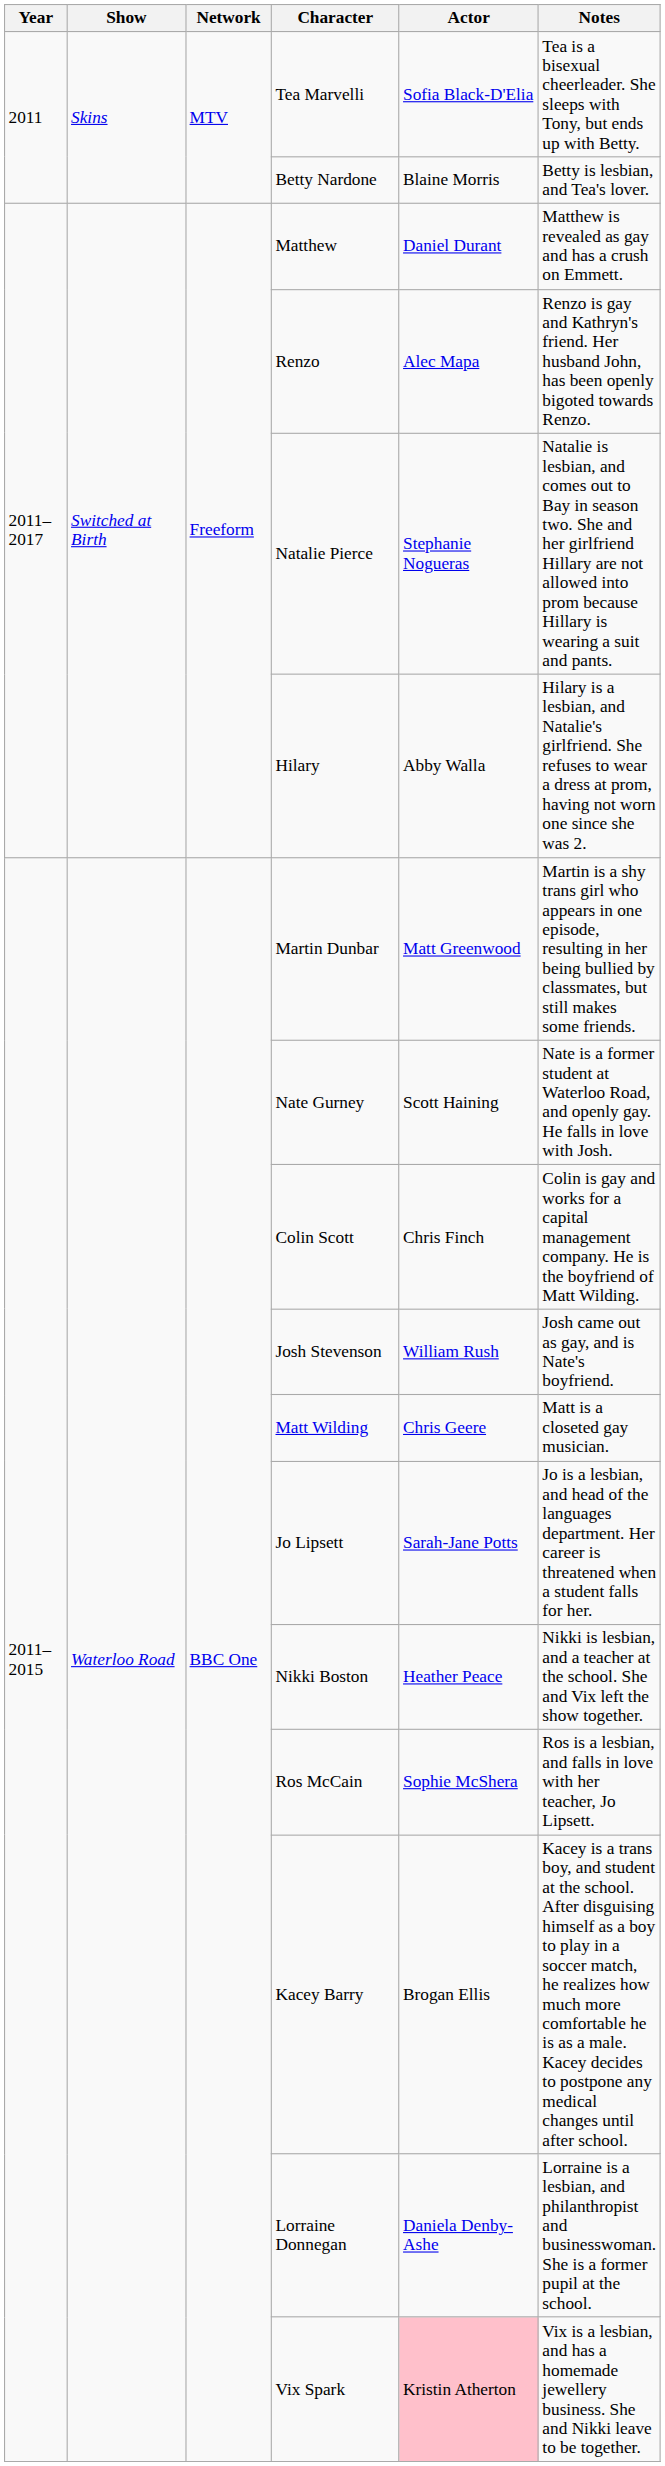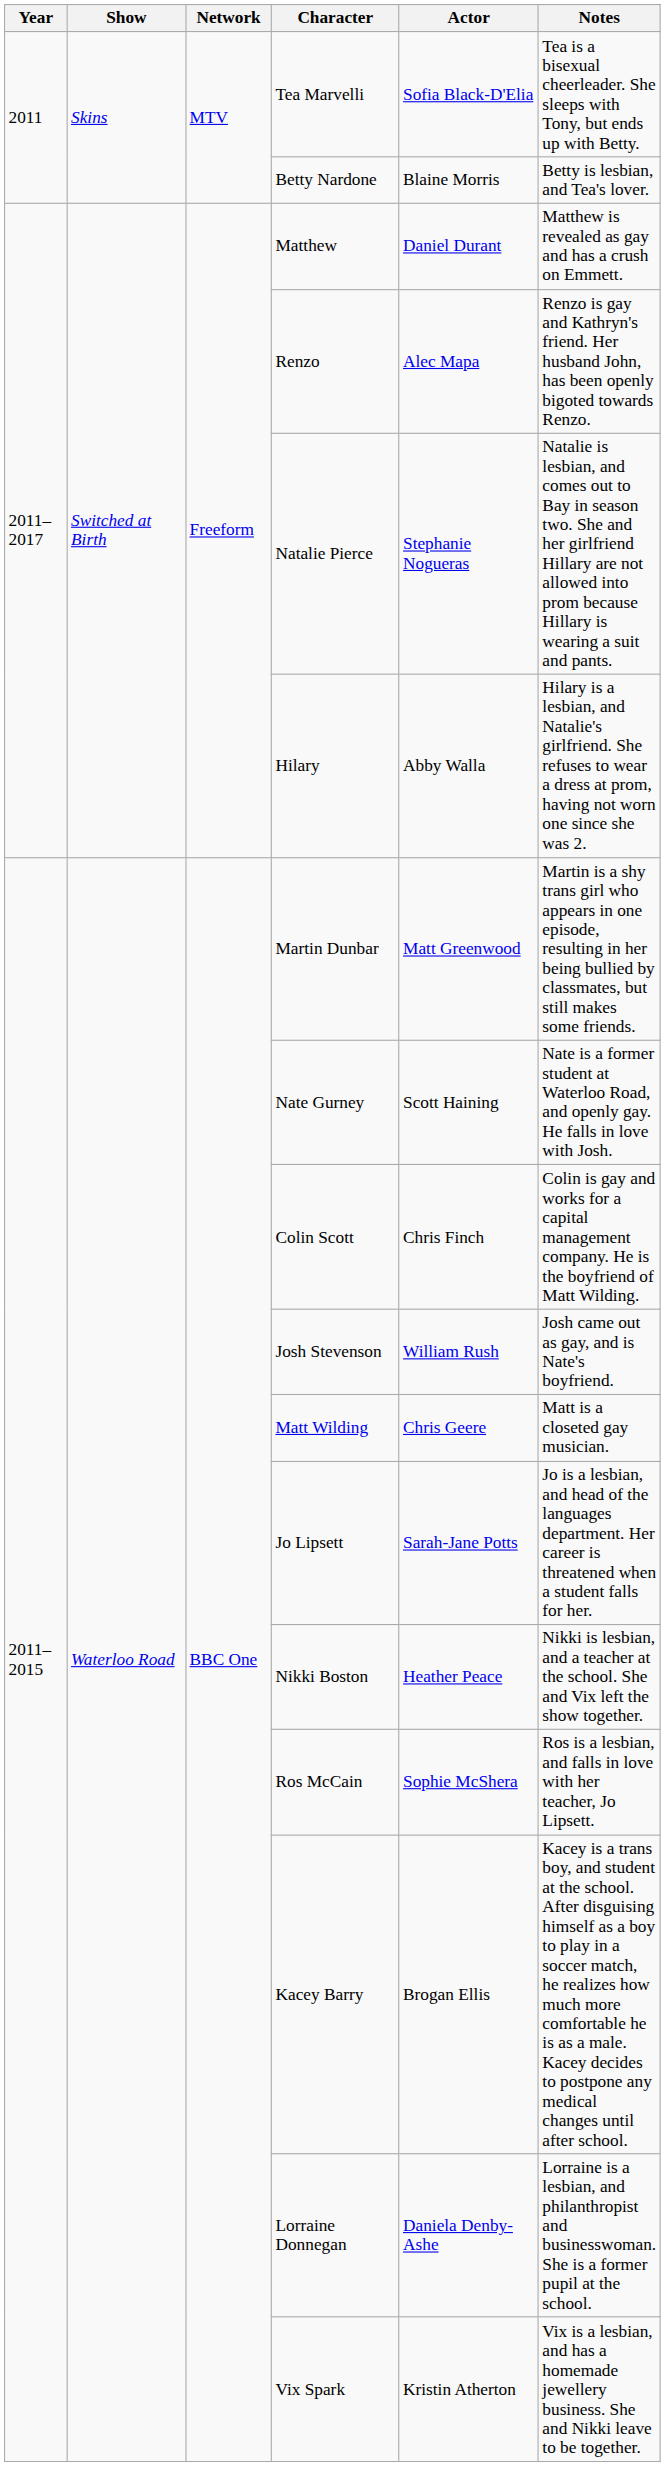 <table class="wikitable" style="margins:auto; width=100%;">
 <tr>
 <th style="width:75px;">Year</th>
 <th style="width:200px;">Show</th>
 <th style="width:100px;">Network</th>
 <th style="width:200px;">Character</th>
 <th style="width:225px;">Actor</th>
 <th>Notes</th>
 </tr>
 <tr>
 <td rowspan="2">2011</td>
 <td rowspan="2"><em><a href='#'>Skins</a></em></td>
 <td rowspan="2"><a href='#'>MTV</a></td>
 <td>Tea Marvelli</td>
 <td><a href='#'>Sofia Black-D'Elia</a></td>
 <td>Tea is a bisexual cheerleader. She sleeps with Tony, but ends up with Betty.</td>
 </tr>
 <tr>
 <td>Betty Nardone</td>
 <td>Blaine Morris</td>
 <td>Betty is lesbian, and Tea's lover.</td>
 </tr>
 <tr>
 <td rowspan="4">2011–2017</td>
 <td rowspan="4"><em><a href='#'>Switched at Birth</a></em></td>
 <td rowspan="4"><a href='#'>Freeform</a></td>
 <td>Matthew</td>
 <td><a href='#'>Daniel Durant</a></td>
 <td>Matthew is revealed as gay and has a crush on Emmett.</td>
 </tr>
 <tr>
 <td>Renzo</td>
 <td><a href='#'>Alec Mapa</a></td>
 <td>Renzo is gay and Kathryn's friend. Her husband John, has been openly bigoted towards Renzo.</td>
 </tr>
 <tr>
 <td>Natalie Pierce</td>
 <td><a href='#'>Stephanie Nogueras</a></td>
 <td>Natalie is lesbian, and comes out to Bay in season two. She and her girlfriend Hillary are not allowed into prom because Hillary is wearing a suit and pants.</td>
 </tr>
 <tr>
 <td>Hilary</td>
 <td>Abby Walla</td>
 <td>Hilary is a lesbian, and Natalie's girlfriend. She refuses to wear a dress at prom, having not worn one since she was 2.</td>
 </tr>
 <tr>
 <td rowspan="11">2011–2015</td>
 <td rowspan="11"><em><a href='#'>Waterloo Road</a></em></td>
 <td rowspan="11"><a href='#'>BBC One</a></td>
 <td>Martin Dunbar</td>
 <td><a href='#'>Matt Greenwood</a></td>
 <td>Martin is a shy trans girl who appears in one episode, resulting in her being bullied by classmates, but still makes some friends.</td>
 </tr>
 <tr>
 <td>Nate Gurney</td>
 <td>Scott Haining</td>
 <td>Nate is a former student at Waterloo Road, and openly gay. He falls in love with Josh.</td>
 </tr>
 <tr>
 <td>Colin Scott</td>
 <td>Chris Finch</td>
 <td>Colin is gay and works for a capital management company. He is the boyfriend of Matt Wilding.</td>
 </tr>
 <tr>
 <td>Josh Stevenson</td>
 <td><a href='#'>William Rush</a></td>
 <td>Josh came out as gay, and is Nate's boyfriend.</td>
 </tr>
 <tr>
 <td><a href='#'>Matt Wilding</a></td>
 <td><a href='#'>Chris Geere</a></td>
 <td>Matt is a closeted gay musician.</td>
 </tr>
 <tr>
 <td>Jo Lipsett</td>
 <td><a href='#'>Sarah-Jane Potts</a></td>
 <td>Jo is a lesbian, and head of the languages department. Her career is threatened when a student falls for her.</td>
 </tr>
 <tr>
 <td>Nikki Boston</td>
 <td><a href='#'>Heather Peace</a></td>
 <td>Nikki is lesbian, and a teacher at the school. She and Vix left the show together.</td>
 </tr>
 <tr>
 <td>Ros McCain</td>
 <td><a href='#'>Sophie McShera</a></td>
 <td>Ros is a lesbian, and falls in love with her teacher, Jo Lipsett.</td>
 </tr>
 <tr>
 <td>Kacey Barry</td>
 <td>Brogan Ellis</td>
 <td>Kacey is a trans boy, and student at the school. After disguising himself as a boy to play in a soccer match, he realizes how much more comfortable he is as a male. Kacey decides to postpone any medical changes until after school.</td>
 </tr>
 <tr>
 <td>Lorraine Donnegan</td>
 <td><a href='#'>Daniela Denby-Ashe</a></td>
 <td>Lorraine is a lesbian, and philanthropist and businesswoman. She is a former pupil at the school.</td>
 </tr>
 <tr>
 <td>Vix Spark</td>
-<td style="background: pink;">Kristin Atherton</td>
+<td>Kristin Atherton</td>
 <td>Vix is a lesbian, and has a homemade jewellery business. She and Nikki leave to be together.</td>
 </tr>
 <tr>
 </tr>
 </table>
